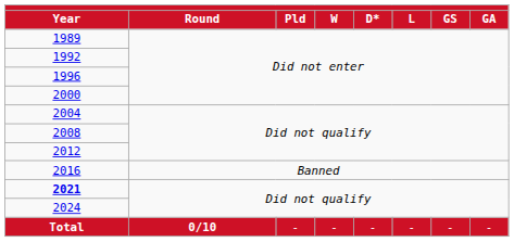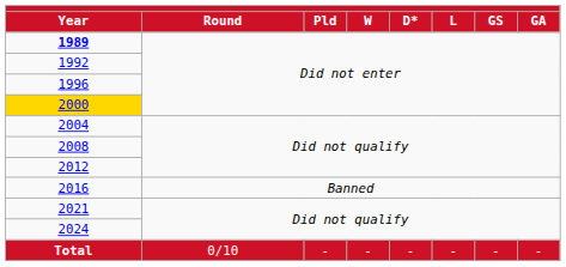 <table class="wikitable" style="text-align: center;font-size:95%;">
 <tr>
 <th colspan=9 style="background: #CE1126; color: #FFFFFF;"><a href='#'></a></th>
 </tr>
 <tr style="color:white;">
 <th style="background:#CE1126;" width=125>Year</th>
 <th style="background:#CE1126;" width=150>Round</th>
 <th style="background:#CE1126;" width=35>Pld</th>
 <th style="background:#CE1126;" width=35>W</th>
 <th style="background:#CE1126;" width=35>D*</th>
 <th style="background:#CE1126;" width=35>L</th>
 <th style="background:#CE1126;" width=35>GS</th>
 <th style="background:#CE1126;" width=35>GA</th>
 </tr>
 <tr>
-<td> <a href='#'>1989</a></td>
+<td><strong> <a href='#'>1989</a></strong></td>
 <td colspan=8 rowspan=4><em>Did not enter</em></td>
 </tr>
 <tr>
 <td> <a href='#'>1992</a></td>
 </tr>
 <tr>
 <td> <a href='#'>1996</a></td>
 </tr>
 <tr>
-<td> <a href='#'>2000</a></td>
+<td style="background: gold;"> <a href='#'>2000</a></td>
 </tr>
 <tr>
 <td> <a href='#'>2004</a></td>
 <td colspan=8 rowspan=3><em>Did not qualify</em></td>
 </tr>
 <tr>
 <td> <a href='#'>2008</a></td>
 </tr>
 <tr>
 <td> <a href='#'>2012</a></td>
 </tr>
 <tr>
 <td> <a href='#'>2016</a></td>
 <td colspan=10><em>Banned</em></td>
 </tr>
 <tr>
-<td><strong> <a href='#'>2021</a></strong></td>
+<td> <a href='#'>2021</a></td>
 <td colspan=8 rowspan=2><em>Did not qualify</em></td>
 </tr>
 <tr>
 <td> <a href='#'>2024</a></td>
 </tr>
 <tr bgcolor="#CE1126" style="color:white;">
 <td><strong>Total</strong></td>
-<td><strong>0/10</strong></td>
+<td>0/10</td>
 <td>-</td>
 <td>-</td>
 <td>-</td>
 <td>-</td>
 <td>-</td>
 <td>-</td>
 </tr>
 </table>
